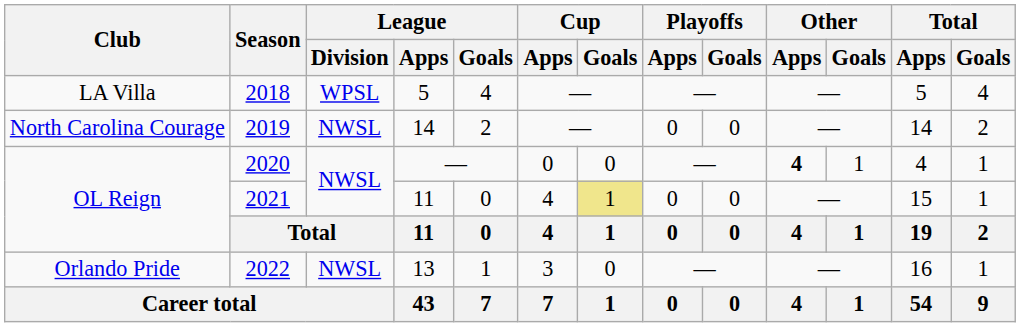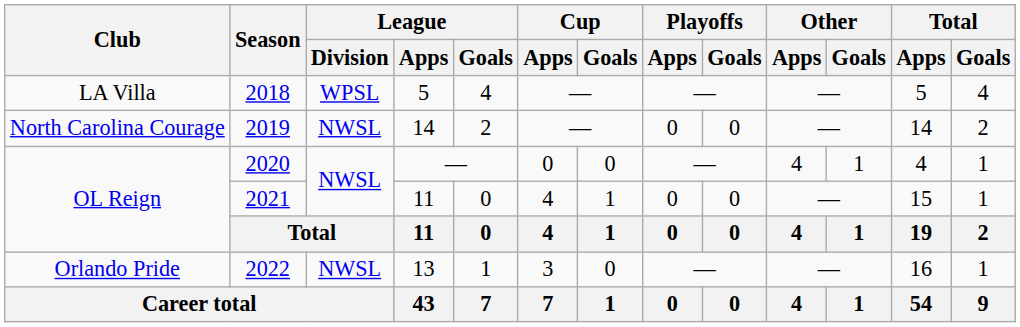 <table class="wikitable" style="text-align: center;">
 <tr>
 <th rowspan="2">Club</th>
 <th rowspan="2">Season</th>
 <th colspan="3">League</th>
 <th colspan="2">Cup</th>
 <th colspan="2">Playoffs</th>
 <th colspan="2">Other</th>
 <th colspan="2">Total</th>
 </tr>
 <tr>
 <th>Division</th>
 <th>Apps</th>
 <th>Goals</th>
 <th>Apps</th>
 <th>Goals</th>
 <th>Apps</th>
 <th>Goals</th>
 <th>Apps</th>
 <th>Goals</th>
 <th>Apps</th>
 <th>Goals</th>
 </tr>
 <tr>
 <td>LA Villa</td>
 <td><a href='#'>2018</a></td>
 <td><a href='#'>WPSL</a></td>
 <td>5</td>
 <td>4</td>
 <td colspan="2">—</td>
 <td colspan="2">—</td>
 <td colspan="2">—</td>
 <td>5</td>
 <td>4</td>
 </tr>
 <tr>
 <td><a href='#'>North Carolina Courage</a></td>
 <td><a href='#'>2019</a></td>
 <td><a href='#'>NWSL</a></td>
 <td>14</td>
 <td>2</td>
 <td colspan="2">—</td>
 <td>0</td>
 <td>0</td>
 <td colspan="2">—</td>
 <td>14</td>
 <td>2</td>
 </tr>
 <tr>
 <td rowspan="3"><a href='#'>OL Reign</a></td>
 <td><a href='#'>2020</a></td>
 <td rowspan="2"><a href='#'>NWSL</a></td>
 <td colspan="2">—</td>
 <td>0</td>
 <td>0</td>
 <td colspan="2">—</td>
-<td><strong>4</strong></td>
+<td>4</td>
 <td>1</td>
 <td>4</td>
 <td>1</td>
 </tr>
 <tr>
 <td><a href='#'>2021</a></td>
 <td>11</td>
 <td>0</td>
 <td>4</td>
-<td style="background: khaki;">1</td>
+<td>1</td>
 <td>0</td>
 <td>0</td>
 <td colspan="2">—</td>
 <td>15</td>
 <td>1</td>
 </tr>
 <tr>
 <th colspan="2">Total</th>
 <th>11</th>
 <th>0</th>
 <th>4</th>
 <th>1</th>
 <th>0</th>
 <th>0</th>
 <th>4</th>
 <th>1</th>
 <th>19</th>
 <th>2</th>
 </tr>
 <tr>
 <td><a href='#'>Orlando Pride</a></td>
 <td><a href='#'>2022</a></td>
 <td><a href='#'>NWSL</a></td>
 <td>13</td>
 <td>1</td>
 <td>3</td>
 <td>0</td>
 <td colspan="2">—</td>
 <td colspan="2">—</td>
 <td>16</td>
 <td>1</td>
 </tr>
 <tr>
 <th colspan="3">Career total</th>
 <th>43</th>
 <th>7</th>
 <th>7</th>
 <th>1</th>
 <th>0</th>
 <th>0</th>
 <th>4</th>
 <th>1</th>
 <th>54</th>
 <th>9</th>
 </tr>
 </table>
